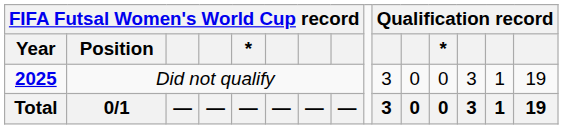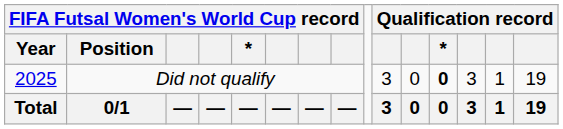 <table class="wikitable" style="text-align: center;">
 <tr>
 <th colspan="8"><a href='#'>FIFA Futsal Women's World Cup</a> record</th>
 <td rowspan=13></td>
 <th colspan=6>Qualification record</th>
 </tr>
 <tr>
 <th>Year</th>
 <th>Position</th>
 <th></th>
 <th></th>
 <th>*</th>
 <th></th>
 <th></th>
 <th></th>
 <th></th>
 <th></th>
 <th>*</th>
 <th></th>
 <th></th>
 <th></th>
 </tr>
 <tr>
-<td><strong> <a href='#'>2025</a></strong></td>
+<td> <a href='#'>2025</a></td>
 <td colspan="7"><em>Did not qualify</em></td>
 <td>3</td>
 <td>0</td>
-<td>0</td>
+<td><strong>0</strong></td>
 <td>3</td>
 <td>1</td>
 <td>19</td>
 </tr>
 <tr>
 <th>Total</th>
 <th>0/1</th>
 <th>—</th>
 <th>—</th>
 <th>—</th>
 <th>—</th>
 <th>—</th>
 <th>—</th>
 <th>3</th>
 <th>0</th>
 <th>0</th>
 <th>3</th>
 <th>1</th>
 <th>19</th>
 </tr>
 </table>
